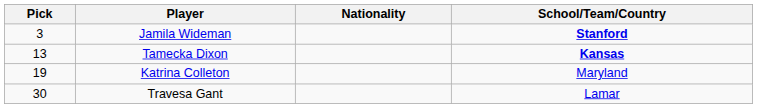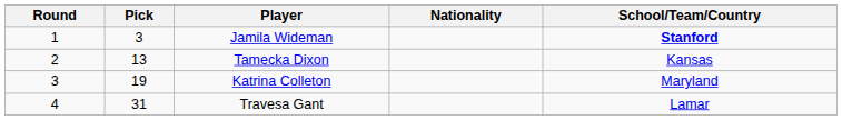 <table class="wikitable" style="text-align:center; width:60em">
 <tr>
+<th>Round</th>
 <th>Pick</th>
 <th>Player</th>
 <th>Nationality</th>
 <th>School/Team/Country</th>
 </tr>
 <tr>
+<td>1</td>
 <td>3</td>
 <td><a href='#'>Jamila Wideman</a></td>
 <td></td>
 <td><strong><a href='#'>Stanford</a></strong></td>
 </tr>
 <tr>
+<td>2</td>
 <td>13</td>
 <td><a href='#'>Tamecka Dixon</a></td>
 <td></td>
-<td><strong><a href='#'>Kansas</a></strong></td>
+<td><a href='#'>Kansas</a></td>
 </tr>
 <tr>
+<td>3</td>
 <td>19</td>
 <td><a href='#'>Katrina Colleton</a></td>
 <td></td>
 <td><a href='#'>Maryland</a></td>
 </tr>
 <tr>
-<td>30</td>
+<td>4</td>
+<td>31</td>
 <td>Travesa Gant</td>
 <td></td>
 <td><a href='#'>Lamar</a></td>
 </tr>
 </table>
